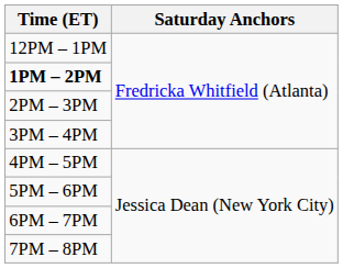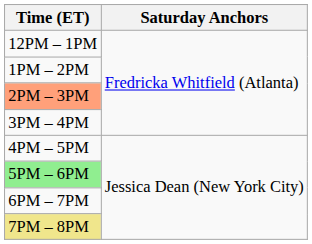 <table class="wikitable">
 <tr>
 <th>Time (ET)</th>
 <th>Saturday Anchors</th>
 </tr>
 <tr>
 <td>12PM – 1PM</td>
 <td rowspan="4"><a href='#'>Fredricka Whitfield</a> (Atlanta)</td>
 </tr>
 <tr>
-<td><strong>1PM – 2PM</strong></td>
+<td>1PM – 2PM</td>
 </tr>
 <tr>
-<td>2PM – 3PM</td>
+<td style="background: lightsalmon;">2PM – 3PM</td>
 </tr>
 <tr>
 <td>3PM – 4PM</td>
 </tr>
 <tr>
 <td>4PM – 5PM</td>
 <td rowspan="4">Jessica Dean (New York City)</td>
 </tr>
 <tr>
-<td>5PM – 6PM</td>
+<td style="background: lightgreen;">5PM – 6PM</td>
 </tr>
 <tr>
 <td>6PM – 7PM</td>
 </tr>
 <tr>
-<td>7PM – 8PM</td>
+<td style="background: khaki;">7PM – 8PM</td>
 </tr>
 </table>
